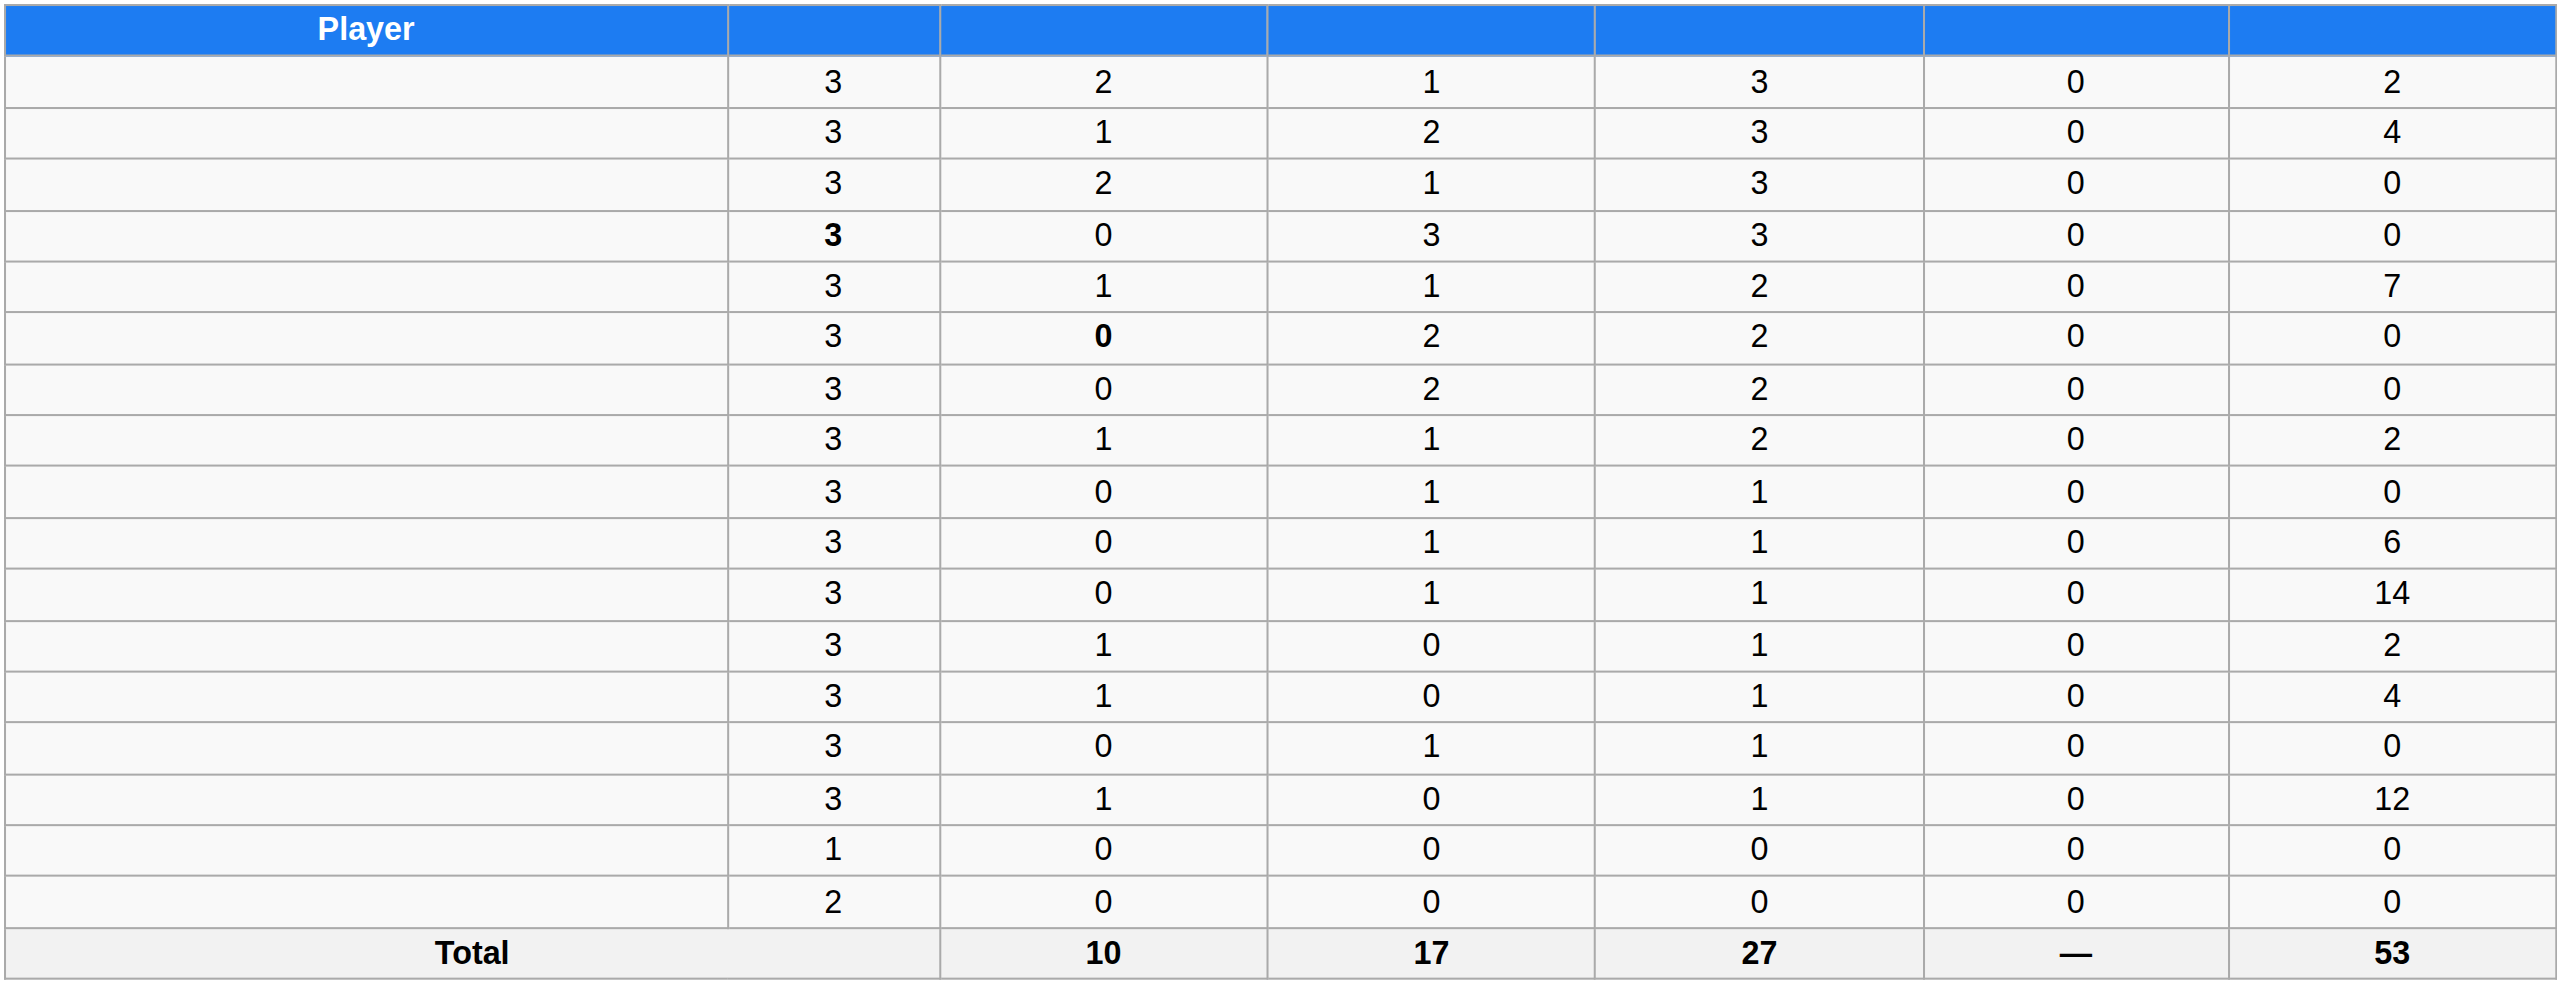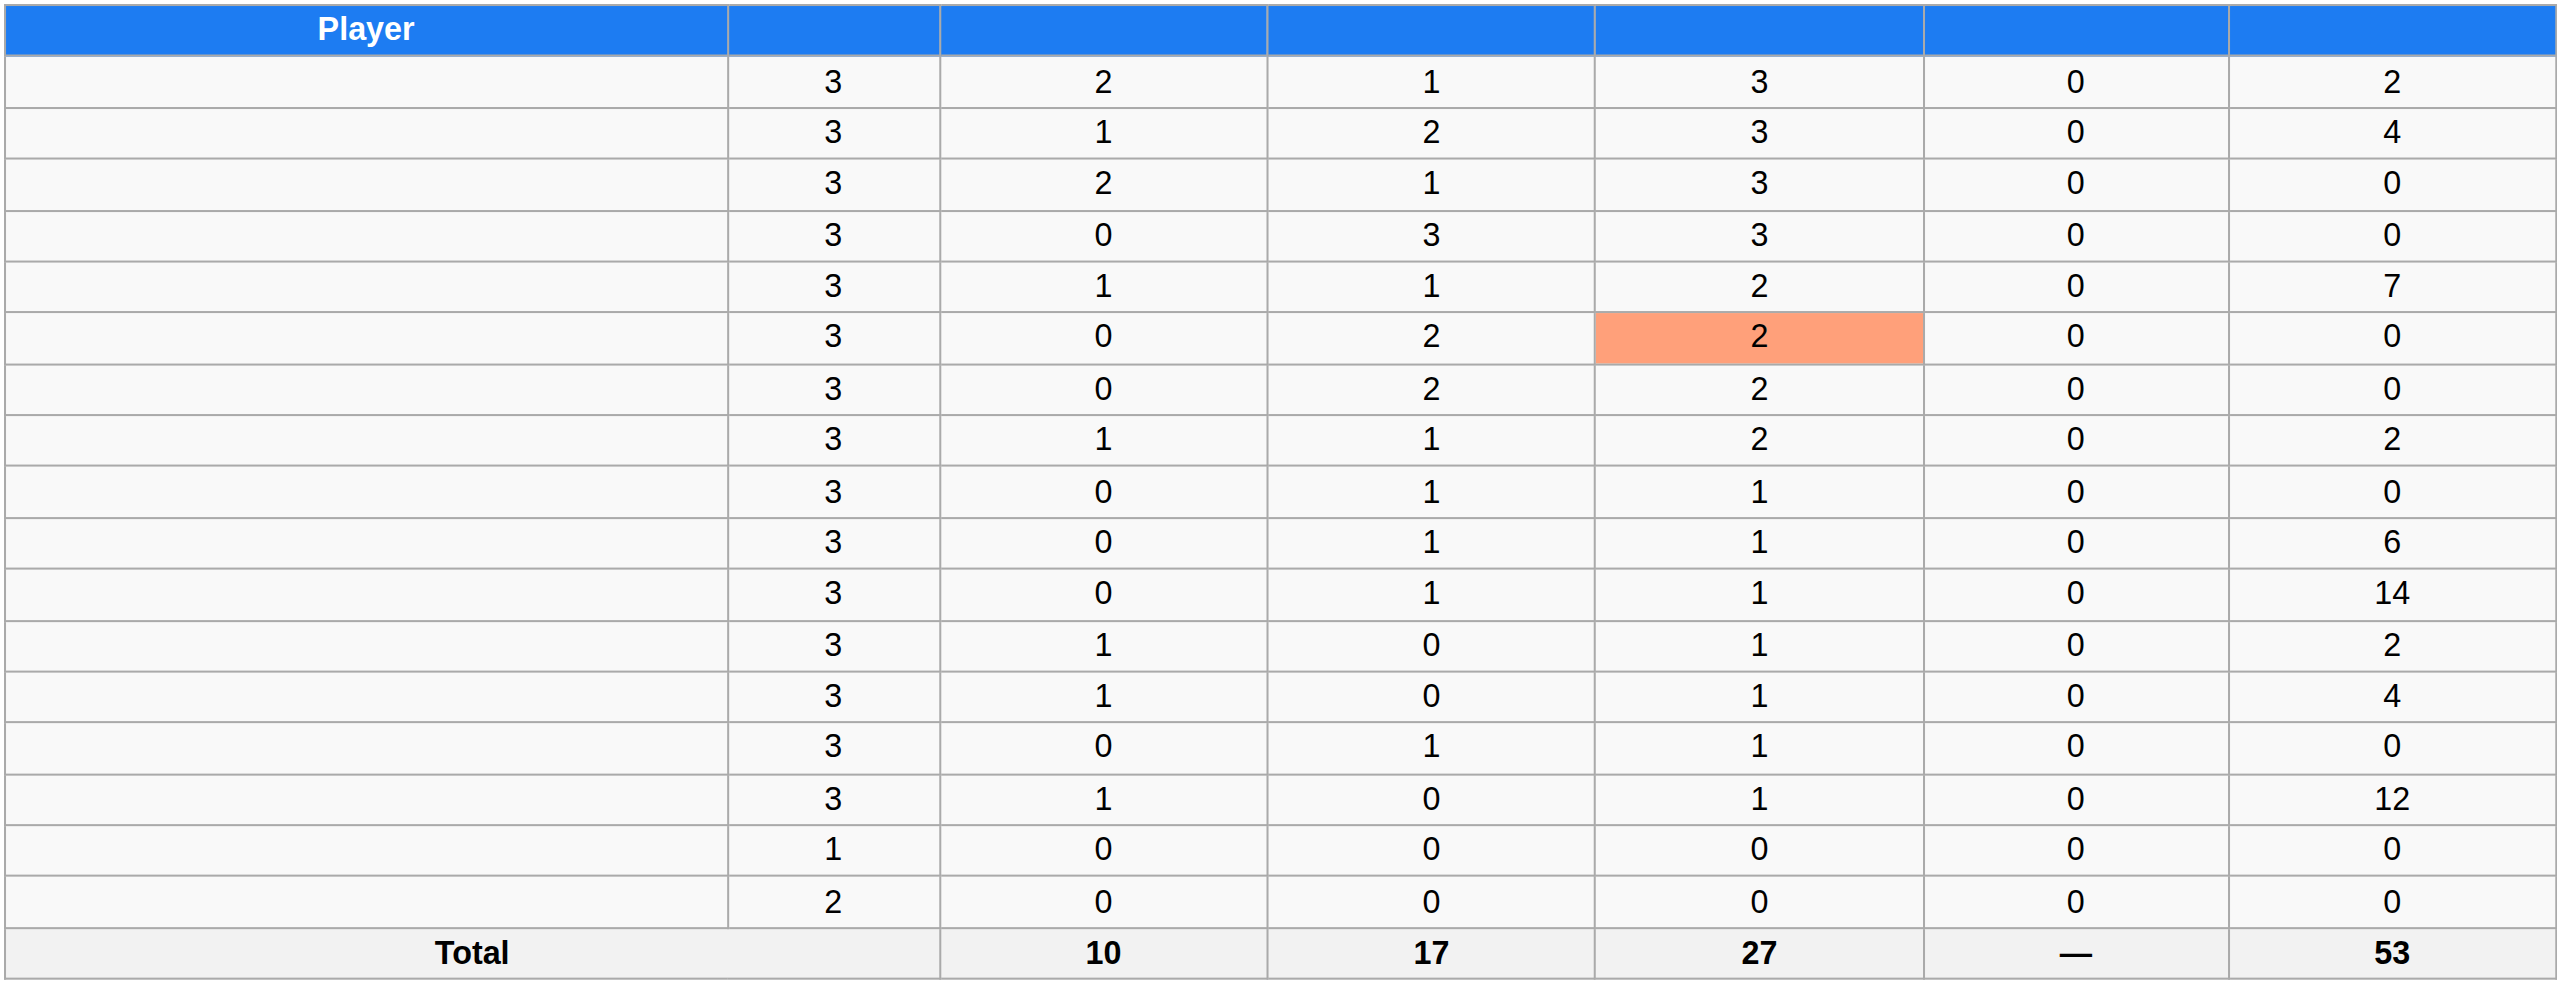 <table class="wikitable sortable" style="width:100%; text-align:center;">
 <tr>
 <th style="color:white; background:#1D7CF2; ">Player</th>
 <th style="color:white; background:#1D7CF2; "></th>
 <th style="color:white; background:#1D7CF2; "></th>
 <th style="color:white; background:#1D7CF2; "></th>
 <th style="color:white; background:#1D7CF2; "></th>
 <th style="color:white; background:#1D7CF2; "></th>
 <th style="color:white; background:#1D7CF2; "></th>
 </tr>
 <tr>
 <td></td>
 <td>3</td>
 <td>2</td>
 <td>1</td>
 <td>3</td>
 <td>0</td>
 <td>2</td>
 </tr>
 <tr>
 <td></td>
 <td>3</td>
 <td>1</td>
 <td>2</td>
 <td>3</td>
 <td>0</td>
 <td>4</td>
 </tr>
 <tr>
 <td></td>
 <td>3</td>
 <td>2</td>
 <td>1</td>
 <td>3</td>
 <td>0</td>
 <td>0</td>
 </tr>
 <tr>
 <td></td>
-<td><strong>3</strong></td>
+<td>3</td>
 <td>0</td>
 <td>3</td>
 <td>3</td>
 <td>0</td>
 <td>0</td>
 </tr>
 <tr>
 <td></td>
 <td>3</td>
 <td>1</td>
 <td>1</td>
 <td>2</td>
 <td>0</td>
 <td>7</td>
 </tr>
 <tr>
 <td></td>
 <td>3</td>
-<td><strong>0</strong></td>
+<td>0</td>
 <td>2</td>
-<td>2</td>
+<td style="background: lightsalmon;">2</td>
 <td>0</td>
 <td>0</td>
 </tr>
 <tr>
 <td></td>
 <td>3</td>
 <td>0</td>
 <td>2</td>
 <td>2</td>
 <td>0</td>
 <td>0</td>
 </tr>
 <tr>
 <td></td>
 <td>3</td>
 <td>1</td>
 <td>1</td>
 <td>2</td>
 <td>0</td>
 <td>2</td>
 </tr>
 <tr>
 <td></td>
 <td>3</td>
 <td>0</td>
 <td>1</td>
 <td>1</td>
 <td>0</td>
 <td>0</td>
 </tr>
 <tr>
 <td></td>
 <td>3</td>
 <td>0</td>
 <td>1</td>
 <td>1</td>
 <td>0</td>
 <td>6</td>
 </tr>
 <tr>
 <td></td>
 <td>3</td>
 <td>0</td>
 <td>1</td>
 <td>1</td>
 <td>0</td>
 <td>14</td>
 </tr>
 <tr>
 <td></td>
 <td>3</td>
 <td>1</td>
 <td>0</td>
 <td>1</td>
 <td>0</td>
 <td>2</td>
 </tr>
 <tr>
 <td></td>
 <td>3</td>
 <td>1</td>
 <td>0</td>
 <td>1</td>
 <td>0</td>
 <td>4</td>
 </tr>
 <tr>
 <td></td>
 <td>3</td>
 <td>0</td>
 <td>1</td>
 <td>1</td>
 <td>0</td>
 <td>0</td>
 </tr>
 <tr>
 <td></td>
 <td>3</td>
 <td>1</td>
 <td>0</td>
 <td>1</td>
 <td>0</td>
 <td>12</td>
 </tr>
 <tr>
 <td></td>
 <td>1</td>
 <td>0</td>
 <td>0</td>
 <td>0</td>
 <td>0</td>
 <td>0</td>
 </tr>
 <tr>
 <td></td>
 <td>2</td>
 <td>0</td>
 <td>0</td>
 <td>0</td>
 <td>0</td>
 <td>0</td>
 </tr>
 <tr class="sortbottom">
 <th colspan=2>Total</th>
 <th>10</th>
 <th>17</th>
 <th>27</th>
 <th>—</th>
 <th>53</th>
 </tr>
 </table>
